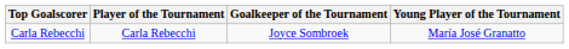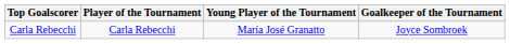 <table class=wikitable style="margin:auto; text-align:center">
 <tr>
 <th>Top Goalscorer</th>
 <th>Player of the Tournament</th>
+<th>Young Player of the Tournament</th>
 <th>Goalkeeper of the Tournament</th>
-<th>Young Player of the Tournament</th>
 </tr>
 <tr>
 <td> <a href='#'>Carla Rebecchi</a></td>
 <td> <a href='#'>Carla Rebecchi</a></td>
+<td> <a href='#'>María José Granatto</a></td>
 <td> <a href='#'>Joyce Sombroek</a></td>
-<td> <a href='#'>María José Granatto</a></td>
 </tr>
 </table>
